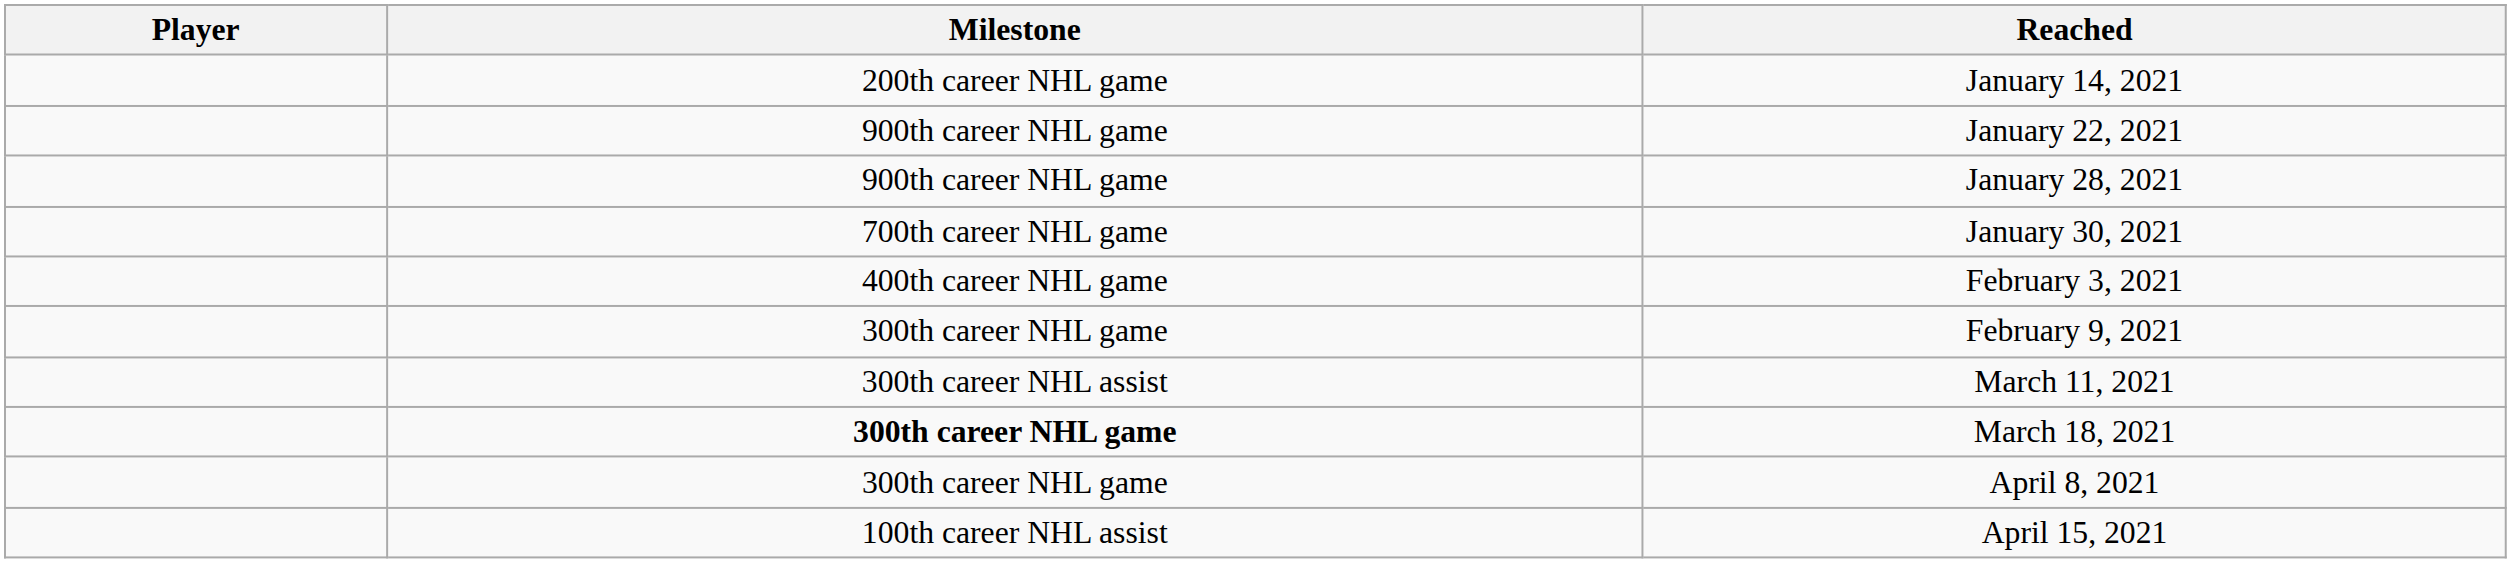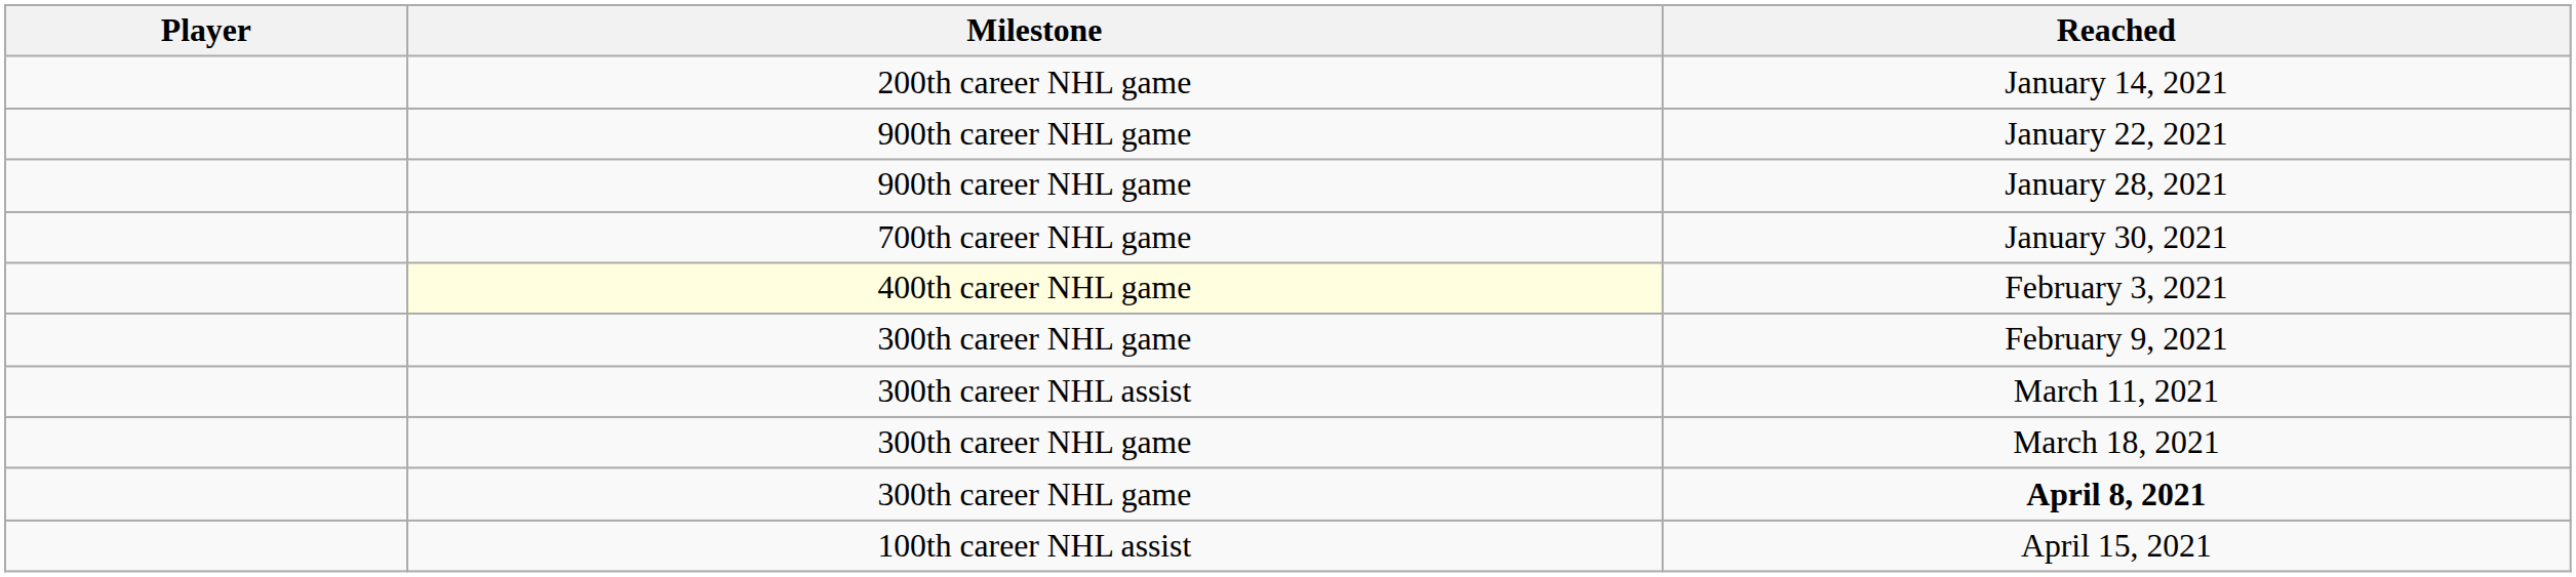 <table class="wikitable sortable" style="width:100%; text-align:center;">
 <tr>
 <th>Player</th>
 <th>Milestone</th>
 <th data-sort-type="date">Reached</th>
 </tr>
 <tr>
 <td></td>
 <td>200th career NHL game</td>
 <td>January 14, 2021</td>
 </tr>
 <tr>
 <td></td>
 <td>900th career NHL game</td>
 <td>January 22, 2021</td>
 </tr>
 <tr>
 <td></td>
 <td>900th career NHL game</td>
 <td>January 28, 2021</td>
 </tr>
 <tr>
 <td></td>
 <td>700th career NHL game</td>
 <td>January 30, 2021</td>
 </tr>
 <tr>
 <td></td>
-<td>400th career NHL game</td>
+<td style="background: lightyellow;">400th career NHL game</td>
 <td>February 3, 2021</td>
 </tr>
 <tr>
 <td></td>
 <td>300th career NHL game</td>
 <td>February 9, 2021</td>
 </tr>
 <tr>
 <td></td>
 <td>300th career NHL assist</td>
 <td>March 11, 2021</td>
 </tr>
 <tr>
 <td></td>
-<td><strong>300th career NHL game</strong></td>
+<td>300th career NHL game</td>
 <td>March 18, 2021</td>
 </tr>
 <tr>
 <td></td>
 <td>300th career NHL game</td>
-<td>April 8, 2021</td>
+<td><strong>April 8, 2021</strong></td>
 </tr>
 <tr>
 <td></td>
 <td>100th career NHL assist</td>
 <td>April 15, 2021</td>
 </tr>
 </table>
